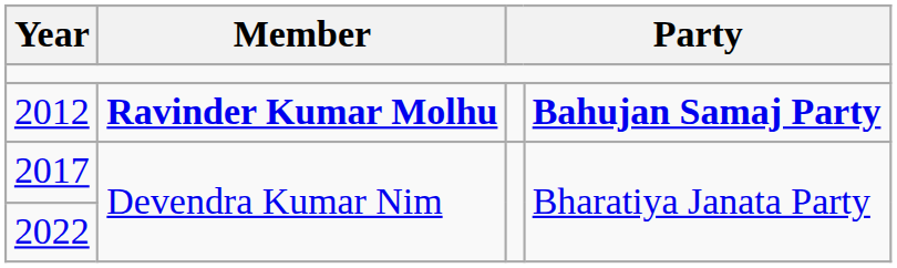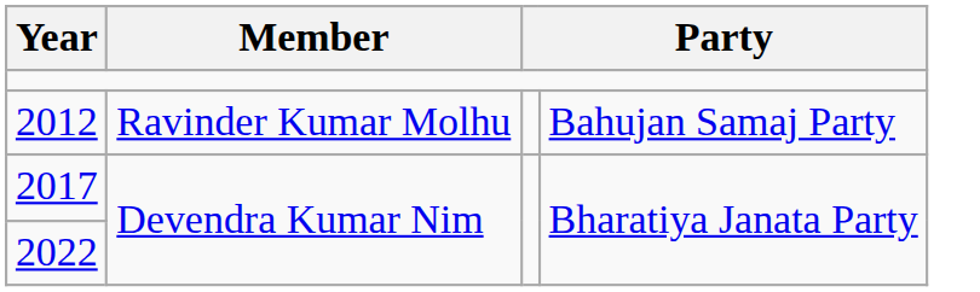 <table class="wikitable">
 <tr>
 <th>Year</th>
 <th>Member</th>
 <th colspan="2">Party</th>
 </tr>
 <tr>
 <td colspan="4"></td>
 </tr>
 <tr>
 <td><a href='#'>2012</a></td>
-<td><strong><a href='#'>Ravinder Kumar Molhu</a></strong></td>
+<td><a href='#'>Ravinder Kumar Molhu</a></td>
 <td style="background-color: "></td>
-<td><strong><a href='#'>Bahujan Samaj Party</a></strong></td>
+<td><a href='#'>Bahujan Samaj Party</a></td>
 </tr>
 <tr>
 <td><a href='#'>2017</a></td>
 <td rowspan="2"><a href='#'>Devendra Kumar Nim</a></td>
 <td rowspan="2" style="background-color: "></td>
 <td rowspan="2"><a href='#'>Bharatiya Janata Party</a></td>
 </tr>
 <tr>
 <td><a href='#'>2022</a></td>
 </tr>
 </table>
